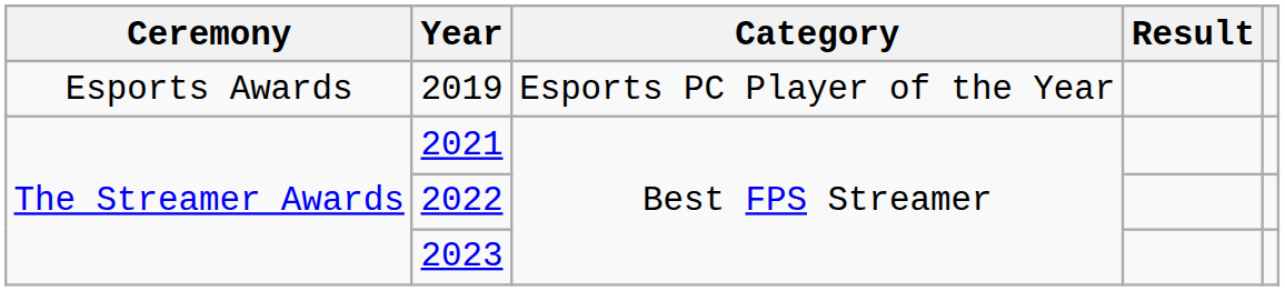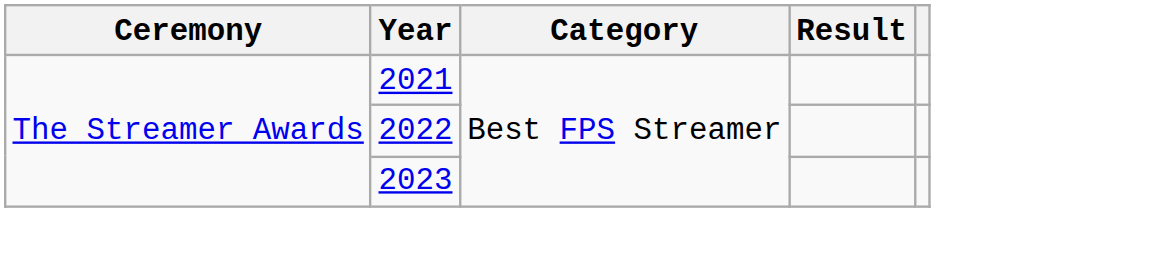 <table class="wikitable" style="text-align:center;">
 <tr>
 <th>Ceremony</th>
 <th>Year</th>
 <th>Category</th>
 <th>Result</th>
 <th></th>
-</tr>
-<tr>
-<td>Esports Awards</td>
-<td>2019</td>
-<td>Esports PC Player of the Year</td>
-<td></td>
-<td></td>
 </tr>
 <tr>
 <td rowspan="3"><a href='#'>The Streamer Awards</a></td>
 <td rowspan="1"><a href='#'>2021</a></td>
 <td rowspan="3">Best <a href='#'>FPS</a> Streamer</td>
 <td></td>
 <td rowspan="1"></td>
 </tr>
 <tr>
 <td><a href='#'>2022</a></td>
 <td></td>
 <td></td>
 </tr>
 <tr>
 <td><a href='#'>2023</a></td>
 <td></td>
 <td></td>
 </tr>
 </table>
